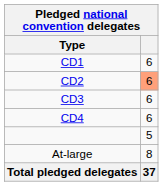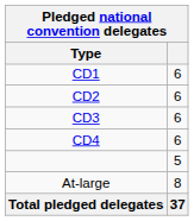 <table class="wikitable sortable" style="font-size:90%;text-align:center;float:none;padding:5px;">
 <tr>
 <th colspan="2">Pledged <a href='#'>national<br>convention</a> delegates</th>
 </tr>
 <tr>
 <th>Type</th>
 <th></th>
 </tr>
 <tr>
 <td><a href='#'>CD1</a></td>
 <td>6</td>
 </tr>
 <tr>
 <td><a href='#'>CD2</a></td>
-<td style="background: lightsalmon;">6</td>
+<td>6</td>
 </tr>
 <tr>
 <td><a href='#'>CD3</a></td>
 <td>6</td>
 </tr>
 <tr>
 <td><a href='#'>CD4</a></td>
 <td>6</td>
 </tr>
 <tr>
 <td></td>
 <td>5</td>
 </tr>
 <tr>
 <td>At-large</td>
 <td>8</td>
 </tr>
 <tr>
 <th>Total pledged delegates</th>
 <th>37</th>
 </tr>
 </table>
